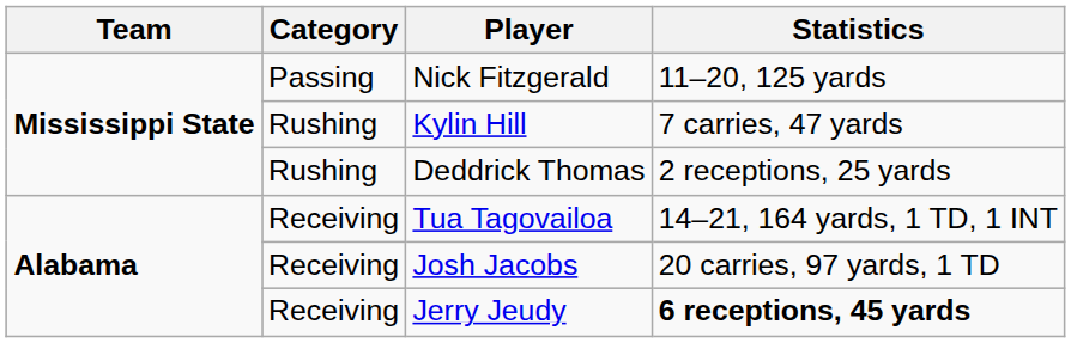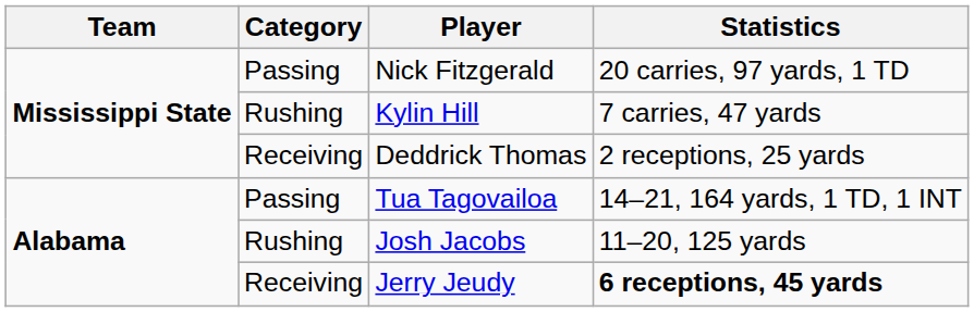 <table class="wikitable" style="float: right;">
 <tr>
 <th>Team</th>
 <th>Category</th>
 <th>Player</th>
 <th>Statistics</th>
 </tr>
 <tr>
 <td rowspan=3><strong>Mississippi State</strong></td>
 <td>Passing</td>
 <td>Nick Fitzgerald</td>
-<td>11–20, 125 yards</td>
+<td>20 carries, 97 yards, 1 TD</td>
 </tr>
 <tr>
 <td>Rushing</td>
 <td><a href='#'>Kylin Hill</a></td>
 <td>7 carries, 47 yards</td>
 </tr>
 <tr>
-<td>Rushing</td>
+<td>Receiving</td>
 <td>Deddrick Thomas</td>
 <td>2 receptions, 25 yards</td>
 </tr>
 <tr>
 <td rowspan=3><strong>Alabama</strong></td>
-<td>Receiving</td>
+<td>Passing</td>
 <td><a href='#'>Tua Tagovailoa</a></td>
 <td>14–21, 164 yards, 1 TD, 1 INT</td>
 </tr>
 <tr>
-<td>Receiving</td>
+<td>Rushing</td>
 <td><a href='#'>Josh Jacobs</a></td>
-<td>20 carries, 97 yards, 1 TD</td>
+<td>11–20, 125 yards</td>
 </tr>
 <tr>
 <td>Receiving</td>
 <td><a href='#'>Jerry Jeudy</a></td>
 <td><strong>6 receptions, 45 yards</strong></td>
 </tr>
 </table>
